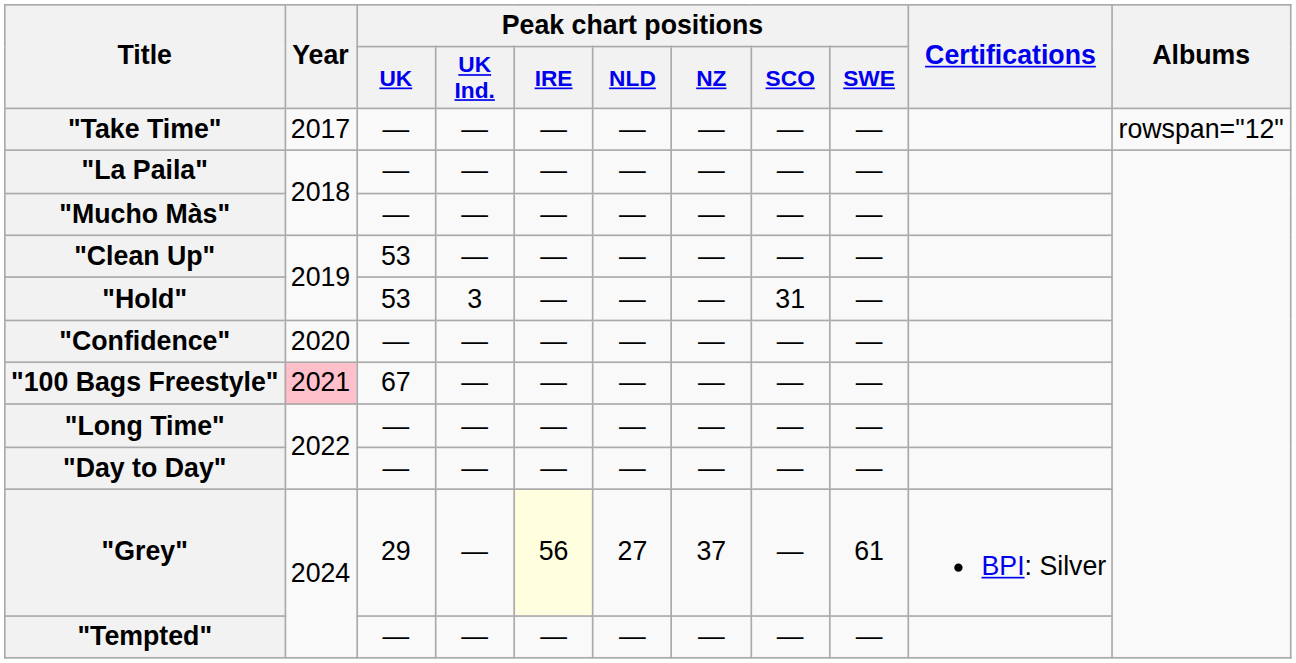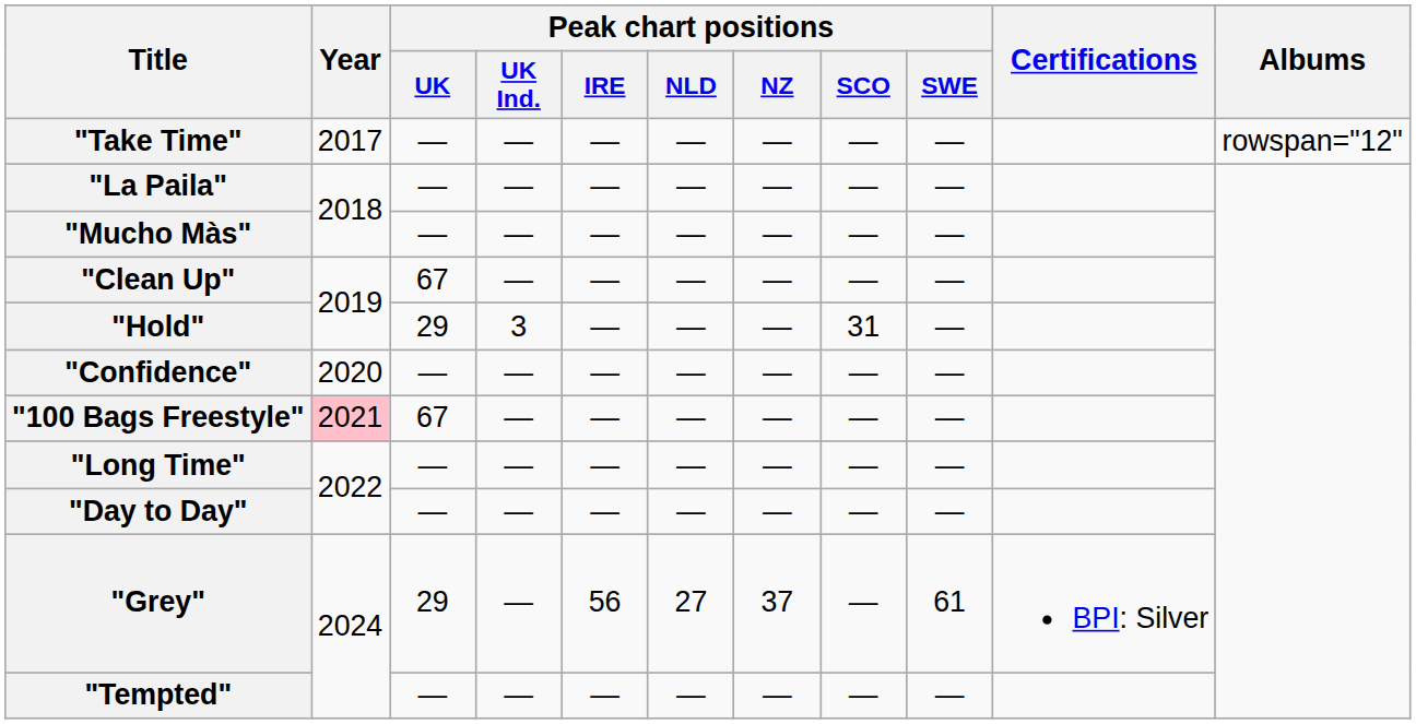 <table class="wikitable plainrowheaders" style="text-align:center;">
 <tr>
 <th scope="col" rowspan="2">Title</th>
 <th scope="col" rowspan="2">Year</th>
 <th scope="col" colspan="7">Peak chart positions</th>
 <th scope="col" rowspan="2"><a href='#'>Certifications</a></th>
 <th scope="col" rowspan="2">Albums</th>
 </tr>
 <tr>
 <th scope="col" style="width:3em;font-size:85%;"><a href='#'>UK</a><br></th>
 <th scope="col" style="width:3em; font-size:85%;"><a href='#'>UK<br>Ind.</a><br></th>
 <th scope="col" style="width:3em; font-size:85%;"><a href='#'>IRE</a><br></th>
 <th scope="col" style="width:3em; font-size:85%;"><a href='#'>NLD</a><br></th>
 <th scope="col" style="width:3em; font-size:85%;"><a href='#'>NZ</a><br></th>
 <th scope="col" style="width:3em; font-size:85%;"><a href='#'>SCO</a><br></th>
 <th scope="col" style="width:3em; font-size:85%;"><a href='#'>SWE</a><br></th>
 </tr>
 <tr>
 <th scope="row">"Take Time"</th>
 <td>2017</td>
 <td>—</td>
 <td>—</td>
 <td>—</td>
 <td>—</td>
 <td>—</td>
 <td>—</td>
 <td>—</td>
 <td></td>
 <td>rowspan="12" </td>
 </tr>
 <tr>
 <th scope="row">"La Paila"</th>
 <td rowspan="2">2018</td>
 <td>—</td>
 <td>—</td>
 <td>—</td>
 <td>—</td>
 <td>—</td>
 <td>—</td>
 <td>—</td>
 <td></td>
 </tr>
 <tr>
 <th scope="row">"Mucho Màs"</th>
 <td>—</td>
 <td>—</td>
 <td>—</td>
 <td>—</td>
 <td>—</td>
 <td>—</td>
 <td>—</td>
 <td></td>
 </tr>
 <tr>
 <th scope="row">"Clean Up"<br></th>
 <td rowspan="2">2019</td>
-<td>53</td>
+<td>67</td>
 <td>—</td>
 <td>—</td>
 <td>—</td>
 <td>—</td>
 <td>—</td>
 <td>—</td>
 <td></td>
 </tr>
 <tr>
 <th scope="row">"Hold"<br></th>
-<td>53</td>
+<td>29</td>
 <td>3</td>
 <td>—</td>
 <td>—</td>
 <td>—</td>
 <td>31</td>
 <td>—</td>
 <td></td>
 </tr>
 <tr>
 <th scope="row">"Confidence"<br></th>
 <td>2020</td>
 <td>—</td>
 <td>—</td>
 <td>—</td>
 <td>—</td>
 <td>—</td>
 <td>—</td>
 <td>—</td>
 <td></td>
 </tr>
 <tr>
 <th scope="row">"100 Bags Freestyle"</th>
 <td style="background: pink;">2021</td>
 <td>67</td>
 <td>—</td>
 <td>—</td>
 <td>—</td>
 <td>—</td>
 <td>—</td>
 <td>—</td>
 <td></td>
 </tr>
 <tr>
 <th scope="row">"Long Time"</th>
 <td rowspan="2">2022</td>
 <td>—</td>
 <td>—</td>
 <td>—</td>
 <td>—</td>
 <td>—</td>
 <td>—</td>
 <td>—</td>
 <td></td>
 </tr>
 <tr>
 <th scope="row">"Day to Day"<br></th>
 <td>—</td>
 <td>—</td>
 <td>—</td>
 <td>—</td>
 <td>—</td>
 <td>—</td>
 <td>—</td>
 <td></td>
 </tr>
 <tr>
 <th scope="row">"Grey"<br></th>
 <td rowspan="2">2024</td>
 <td>29</td>
 <td>—</td>
-<td style="background: lightyellow;">56</td>
+<td>56</td>
 <td>27</td>
 <td>37</td>
 <td>—</td>
 <td>61</td>
 <td><br><ul><li><a href='#'>BPI</a>: Silver</li></ul></td>
 </tr>
 <tr>
 <th scope="row">"Tempted"</th>
 <td>—</td>
 <td>—</td>
 <td>—</td>
 <td>—</td>
 <td>—</td>
 <td>—</td>
 <td>—</td>
 <td></td>
 </tr>
 </table>
